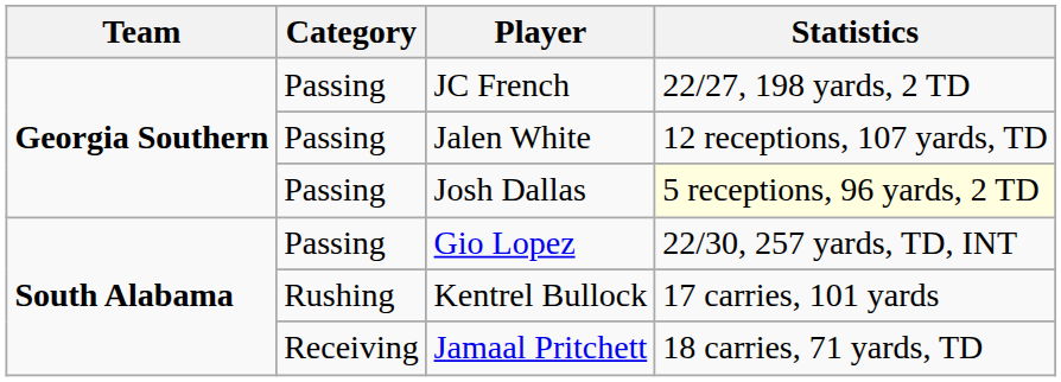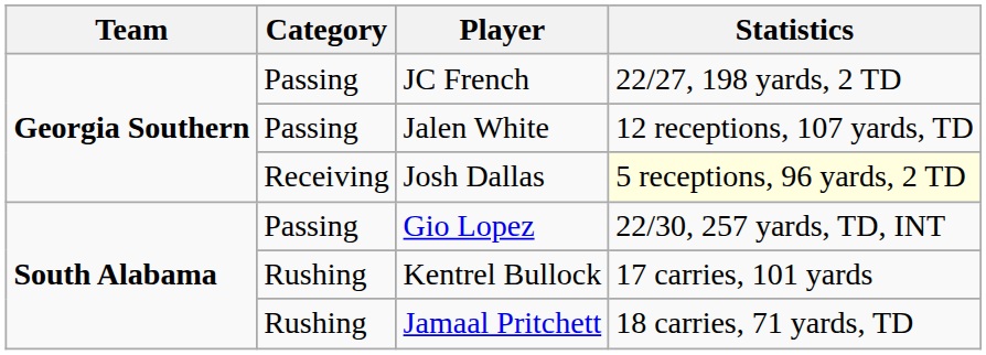 <table class="wikitable" style="float: right;">
 <tr>
 <th>Team</th>
 <th>Category</th>
 <th>Player</th>
 <th>Statistics</th>
 </tr>
 <tr>
 <td rowspan=3><strong>Georgia Southern</strong></td>
 <td>Passing</td>
 <td>JC French</td>
 <td>22/27, 198 yards, 2 TD</td>
 </tr>
 <tr>
 <td>Passing</td>
 <td>Jalen White</td>
 <td>12 receptions, 107 yards, TD</td>
 </tr>
 <tr>
-<td>Passing</td>
+<td>Receiving</td>
 <td>Josh Dallas</td>
 <td style="background: lightyellow;">5 receptions, 96 yards, 2 TD</td>
 </tr>
 <tr>
 <td rowspan=3><strong>South Alabama</strong></td>
 <td>Passing</td>
 <td><a href='#'>Gio Lopez</a></td>
 <td>22/30, 257 yards, TD, INT</td>
 </tr>
 <tr>
 <td>Rushing</td>
 <td>Kentrel Bullock</td>
 <td>17 carries, 101 yards</td>
 </tr>
 <tr>
-<td>Receiving</td>
+<td>Rushing</td>
 <td><a href='#'>Jamaal Pritchett</a></td>
 <td>18 carries, 71 yards, TD</td>
 </tr>
 </table>
